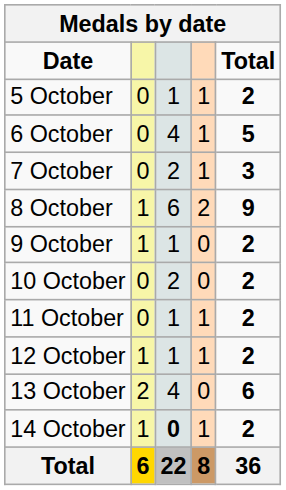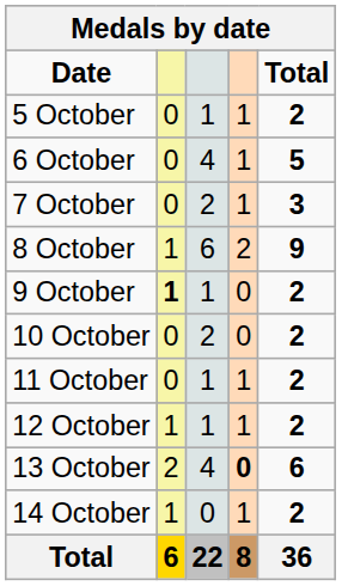 <table class="wikitable" style="text-align:center;font-size:90%">
 <tr style="background:#efefef;">
 <th colspan=5>Medals by date</th>
 </tr>
 <tr>
 <td><strong>Date</strong></td>
 <td bgcolor=#f7f6a8></td>
 <td bgcolor=#dce5e5></td>
 <td bgcolor=#ffdab9></td>
 <td><strong>Total</strong></td>
 </tr>
 <tr>
 <td style="text-align:left;">5 October</td>
 <td style="background:#F7F6A8;">0</td>
 <td style="background:#DCE5E5;">1</td>
 <td style="background:#FFDAB9;">1</td>
 <td><strong>2</strong></td>
 </tr>
 <tr>
 <td style="text-align:left;">6 October</td>
 <td style="background:#F7F6A8;">0</td>
 <td style="background:#DCE5E5;">4</td>
 <td style="background:#FFDAB9;">1</td>
 <td><strong>5</strong></td>
 </tr>
 <tr>
 <td style="text-align:left;">7 October</td>
 <td style="background:#F7F6A8;">0</td>
 <td style="background:#DCE5E5;">2</td>
 <td style="background:#FFDAB9;">1</td>
 <td><strong>3</strong></td>
 </tr>
 <tr>
 <td style="text-align:left;">8 October</td>
 <td style="background:#F7F6A8;">1</td>
 <td style="background:#DCE5E5;">6</td>
 <td style="background:#FFDAB9;">2</td>
 <td><strong>9</strong></td>
 </tr>
 <tr>
 <td style="text-align:left;">9 October</td>
-<td style="background:#F7F6A8;">1</td>
+<td style="background:#F7F6A8;"><strong>1</strong></td>
 <td style="background:#DCE5E5;">1</td>
 <td style="background:#FFDAB9;">0</td>
 <td><strong>2</strong></td>
 </tr>
 <tr>
 <td style="text-align:left;">10 October</td>
 <td style="background:#F7F6A8;">0</td>
 <td style="background:#DCE5E5;">2</td>
 <td style="background:#FFDAB9;">0</td>
 <td><strong>2</strong></td>
 </tr>
 <tr>
 <td style="text-align:left;">11 October</td>
 <td style="background:#F7F6A8;">0</td>
 <td style="background:#DCE5E5;">1</td>
 <td style="background:#FFDAB9;">1</td>
 <td><strong>2</strong></td>
 </tr>
 <tr>
 <td style="text-align:left;">12 October</td>
 <td style="background:#F7F6A8;">1</td>
 <td style="background:#DCE5E5;">1</td>
 <td style="background:#FFDAB9;">1</td>
 <td><strong>2</strong></td>
 </tr>
 <tr>
 <td style="text-align:left;">13 October</td>
 <td style="background:#F7F6A8;">2</td>
 <td style="background:#DCE5E5;">4</td>
-<td style="background:#FFDAB9;">0</td>
+<td style="background:#FFDAB9;"><strong>0</strong></td>
 <td><strong>6</strong></td>
 </tr>
 <tr>
 <td style="text-align:left;">14 October</td>
 <td style="background:#F7F6A8;">1</td>
-<td style="background:#DCE5E5;"><strong>0</strong></td>
+<td style="background:#DCE5E5;">0</td>
 <td style="background:#FFDAB9;">1</td>
 <td><strong>2</strong></td>
 </tr>
 <tr>
 <th>Total</th>
 <th style="background:gold;">6</th>
 <th style="background:silver;">22</th>
 <th style="background:#c96;">8</th>
 <th>36</th>
 </tr>
 </table>
